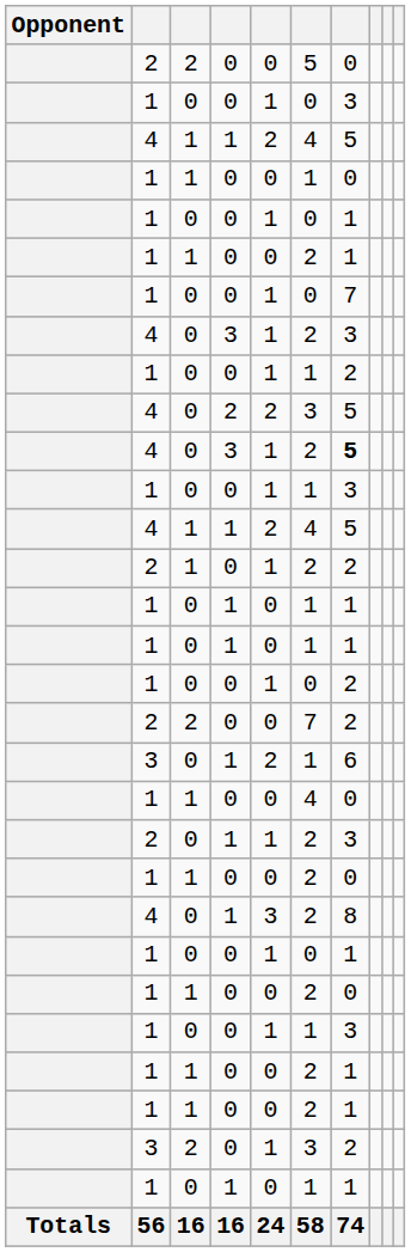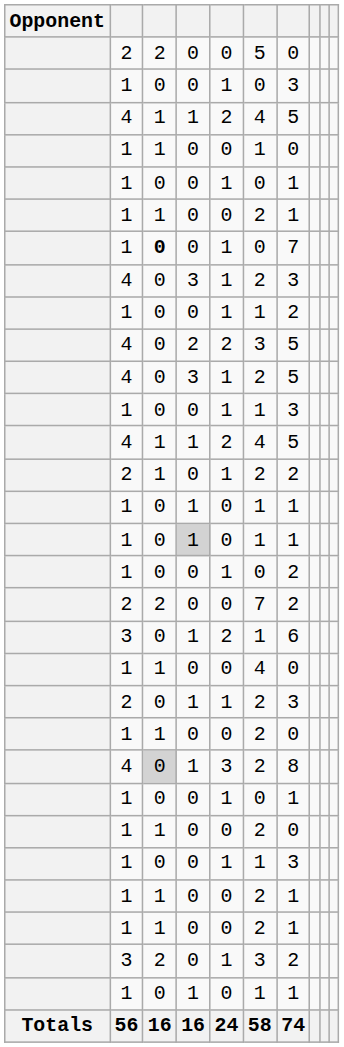 <table class="wikitable plainrowheaders sortable" style="text-align:center">
 <tr>
 <th scope=col>Opponent</th>
 <th scope=col></th>
 <th scope=col></th>
 <th scope=col></th>
 <th scope=col></th>
 <th scope=col></th>
 <th scope=col></th>
 <th scope=col></th>
 <th scope=col></th>
 <th scope=col></th>
 </tr>
 <tr>
 <th scope=row style="text-align:left;"></th>
 <td>2</td>
 <td>2</td>
 <td>0</td>
 <td>0</td>
 <td>5</td>
 <td>0</td>
 <td></td>
 <td></td>
 <td></td>
 </tr>
 <tr>
 <th scope=row style="text-align:left;"></th>
 <td>1</td>
 <td>0</td>
 <td>0</td>
 <td>1</td>
 <td>0</td>
 <td>3</td>
 <td></td>
 <td></td>
 <td></td>
 </tr>
 <tr>
 <th scope=row style="text-align:left;"></th>
 <td>4</td>
 <td>1</td>
 <td>1</td>
 <td>2</td>
 <td>4</td>
 <td>5</td>
 <td></td>
 <td></td>
 <td></td>
 </tr>
 <tr>
 <th scope=row style="text-align:left;"></th>
 <td>1</td>
 <td>1</td>
 <td>0</td>
 <td>0</td>
 <td>1</td>
 <td>0</td>
 <td></td>
 <td></td>
 <td></td>
 </tr>
 <tr>
 <th scope=row style="text-align:left;"></th>
 <td>1</td>
 <td>0</td>
 <td>0</td>
 <td>1</td>
 <td>0</td>
 <td>1</td>
 <td></td>
 <td></td>
 <td></td>
 </tr>
 <tr>
 <th scope=row style="text-align:left;"></th>
 <td>1</td>
 <td>1</td>
 <td>0</td>
 <td>0</td>
 <td>2</td>
 <td>1</td>
 <td></td>
 <td></td>
 <td></td>
 </tr>
 <tr>
 <th scope=row style="text-align:left;"></th>
 <td>1</td>
-<td>0</td>
+<td><strong>0</strong></td>
 <td>0</td>
 <td>1</td>
 <td>0</td>
 <td>7</td>
 <td></td>
 <td></td>
 <td></td>
 </tr>
 <tr>
 <th scope=row style="text-align:left;"></th>
 <td>4</td>
 <td>0</td>
 <td>3</td>
 <td>1</td>
 <td>2</td>
 <td>3</td>
 <td></td>
 <td></td>
 <td></td>
 </tr>
 <tr>
 <th scope=row style="text-align:left;"></th>
 <td>1</td>
 <td>0</td>
 <td>0</td>
 <td>1</td>
 <td>1</td>
 <td>2</td>
 <td></td>
 <td></td>
 <td></td>
 </tr>
 <tr>
 <th scope=row style="text-align:left;"></th>
 <td>4</td>
 <td>0</td>
 <td>2</td>
 <td>2</td>
 <td>3</td>
 <td>5</td>
 <td></td>
 <td></td>
 <td></td>
 </tr>
 <tr>
 <th scope=row style="text-align:left;"></th>
 <td>4</td>
 <td>0</td>
 <td>3</td>
 <td>1</td>
 <td>2</td>
-<td><strong>5</strong></td>
+<td>5</td>
 <td></td>
 <td></td>
 <td></td>
 </tr>
 <tr>
 <th scope=row style="text-align:left;"></th>
 <td>1</td>
 <td>0</td>
 <td>0</td>
 <td>1</td>
 <td>1</td>
 <td>3</td>
 <td></td>
 <td></td>
 <td></td>
 </tr>
 <tr>
 <th scope=row style="text-align:left;"></th>
 <td>4</td>
 <td>1</td>
 <td>1</td>
 <td>2</td>
 <td>4</td>
 <td>5</td>
 <td></td>
 <td></td>
 <td></td>
 </tr>
 <tr>
 <th scope=row style="text-align:left;"></th>
 <td>2</td>
 <td>1</td>
 <td>0</td>
 <td>1</td>
 <td>2</td>
 <td>2</td>
 <td></td>
 <td></td>
 <td></td>
 </tr>
 <tr>
 <th scope=row style="text-align:left;"></th>
 <td>1</td>
 <td>0</td>
 <td>1</td>
 <td>0</td>
 <td>1</td>
 <td>1</td>
 <td></td>
 <td></td>
 <td></td>
 </tr>
 <tr>
 <th scope=row style="text-align:left;"></th>
 <td>1</td>
 <td>0</td>
-<td>1</td>
+<td style="background: lightgrey;">1</td>
 <td>0</td>
 <td>1</td>
 <td>1</td>
 <td></td>
 <td></td>
 <td></td>
 </tr>
 <tr>
 <th scope=row style="text-align:left;"></th>
 <td>1</td>
 <td>0</td>
 <td>0</td>
 <td>1</td>
 <td>0</td>
 <td>2</td>
 <td></td>
 <td></td>
 <td></td>
 </tr>
 <tr>
 <th scope=row style="text-align:left;"></th>
 <td>2</td>
 <td>2</td>
 <td>0</td>
 <td>0</td>
 <td>7</td>
 <td>2</td>
 <td></td>
 <td></td>
 <td></td>
 </tr>
 <tr>
 <th scope=row style="text-align:left;"></th>
 <td>3</td>
 <td>0</td>
 <td>1</td>
 <td>2</td>
 <td>1</td>
 <td>6</td>
 <td></td>
 <td></td>
 <td></td>
 </tr>
 <tr>
 <th scope=row style="text-align:left;"></th>
 <td>1</td>
 <td>1</td>
 <td>0</td>
 <td>0</td>
 <td>4</td>
 <td>0</td>
 <td></td>
 <td></td>
 <td></td>
 </tr>
 <tr>
 <th scope=row style="text-align:left;"></th>
 <td>2</td>
 <td>0</td>
 <td>1</td>
 <td>1</td>
 <td>2</td>
 <td>3</td>
 <td></td>
 <td></td>
 <td></td>
 </tr>
 <tr>
 <th scope=row style="text-align:left;"></th>
 <td>1</td>
 <td>1</td>
 <td>0</td>
 <td>0</td>
 <td>2</td>
 <td>0</td>
 <td></td>
 <td></td>
 <td></td>
 </tr>
 <tr>
 <th scope=row style="text-align:left;"></th>
 <td>4</td>
-<td>0</td>
+<td style="background: lightgrey;">0</td>
 <td>1</td>
 <td>3</td>
 <td>2</td>
 <td>8</td>
 <td></td>
 <td></td>
 <td></td>
 </tr>
 <tr>
 <th scope=row style="text-align:left;"></th>
 <td>1</td>
 <td>0</td>
 <td>0</td>
 <td>1</td>
 <td>0</td>
 <td>1</td>
 <td></td>
 <td></td>
 <td></td>
 </tr>
 <tr>
 <th scope=row style="text-align:left;"></th>
 <td>1</td>
 <td>1</td>
 <td>0</td>
 <td>0</td>
 <td>2</td>
 <td>0</td>
 <td></td>
 <td></td>
 <td></td>
 </tr>
 <tr>
 <th scope=row style="text-align:left;"></th>
 <td>1</td>
 <td>0</td>
 <td>0</td>
 <td>1</td>
 <td>1</td>
 <td>3</td>
 <td></td>
 <td></td>
 <td></td>
 </tr>
 <tr>
 <th scope=row style="text-align:left;"></th>
 <td>1</td>
 <td>1</td>
 <td>0</td>
 <td>0</td>
 <td>2</td>
 <td>1</td>
 <td></td>
 <td></td>
 <td></td>
 </tr>
 <tr>
 <th scope=row style="text-align:left;"></th>
 <td>1</td>
 <td>1</td>
 <td>0</td>
 <td>0</td>
 <td>2</td>
 <td>1</td>
 <td></td>
 <td></td>
 <td></td>
 </tr>
 <tr>
 <th scope=row style="text-align:left;"></th>
 <td>3</td>
 <td>2</td>
 <td>0</td>
 <td>1</td>
 <td>3</td>
 <td>2</td>
 <td></td>
 <td></td>
 <td></td>
 </tr>
 <tr>
 <th scope=row style="text-align:left;"></th>
 <td>1</td>
 <td>0</td>
 <td>1</td>
 <td>0</td>
 <td>1</td>
 <td>1</td>
 <td></td>
 <td></td>
 <td></td>
 </tr>
 <tr class="sortbottom">
 <th>Totals</th>
 <th>56</th>
 <th>16</th>
 <th>16</th>
 <th>24</th>
 <th>58</th>
 <th>74</th>
 <th></th>
 <th></th>
 <th></th>
 </tr>
 </table>
